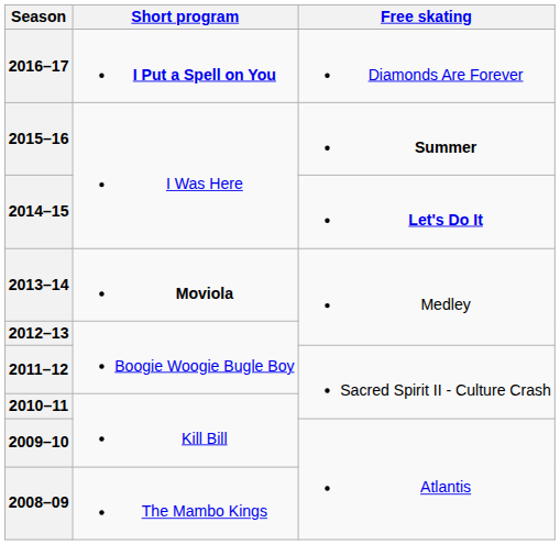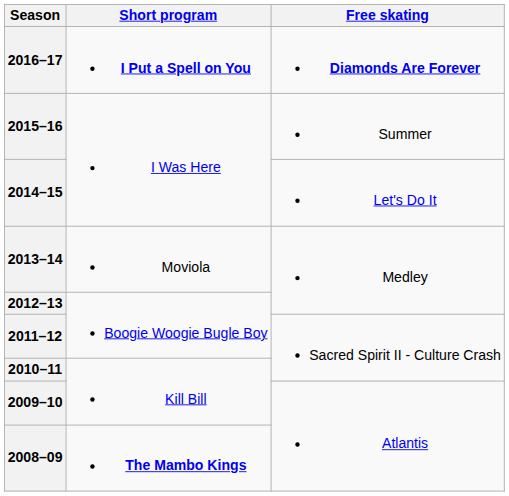 <table class=wikitable style=text-align:center>
 <tr>
 <th>Season</th>
 <th><a href='#'>Short program</a></th>
 <th><a href='#'>Free skating</a></th>
 </tr>
 <tr>
 <th>2016–17 <br></th>
 <td><strong><br><ul><li><a href='#'>I Put a Spell on You</a> <br></li></ul></strong></td>
-<td><br><ul><li><a href='#'>Diamonds Are Forever</a> <br></li></ul></td>
+<td><strong><br><ul><li><a href='#'>Diamonds Are Forever</a> <br></li></ul></strong></td>
 </tr>
 <tr>
 <th>2015–16 <br></th>
 <td rowspan=2><br><ul><li><a href='#'>I Was Here</a> <br></li></ul></td>
-<td><strong><br><ul><li>Summer <br></li></ul></strong></td>
+<td><br><ul><li>Summer <br></li></ul></td>
 </tr>
 <tr>
 <th>2014–15 <br></th>
-<td><strong><br><ul><li><a href='#'>Let's Do It</a> <br></li></ul></strong></td>
+<td><br><ul><li><a href='#'>Let's Do It</a> <br></li></ul></td>
 </tr>
 <tr>
 <th>2013–14 <br></th>
-<td><strong><br><ul><li>Moviola <br></li></ul></strong></td>
+<td><br><ul><li>Moviola <br></li></ul></td>
 <td rowspan=2><br><ul><li>Medley <br></li></ul></td>
 </tr>
 <tr>
 <th>2012–13 <br></th>
 <td rowspan=2><br><ul><li><a href='#'>Boogie Woogie Bugle Boy</a></li></ul></td>
 </tr>
 <tr>
 <th>2011–12 <br></th>
 <td rowspan=2><br><ul><li>Sacred Spirit II - Culture Crash</li></ul></td>
 </tr>
 <tr>
 <th>2010–11</th>
 <td rowspan=2><br><ul><li><a href='#'>Kill Bill</a></li></ul></td>
 </tr>
 <tr>
 <th>2009–10 <br></th>
 <td rowspan=2><br><ul><li><a href='#'>Atlantis</a> <br></li></ul></td>
 </tr>
 <tr>
 <th>2008–09 <br></th>
-<td><br><ul><li><a href='#'>The Mambo Kings</a></li></ul></td>
+<td><strong><br><ul><li><a href='#'>The Mambo Kings</a></li></ul></strong></td>
 </tr>
 </table>
